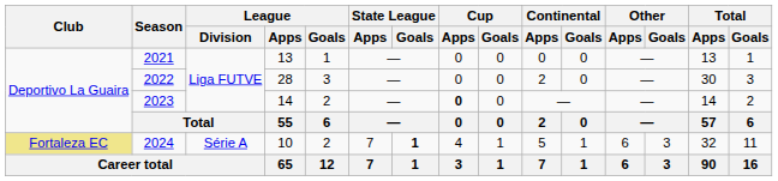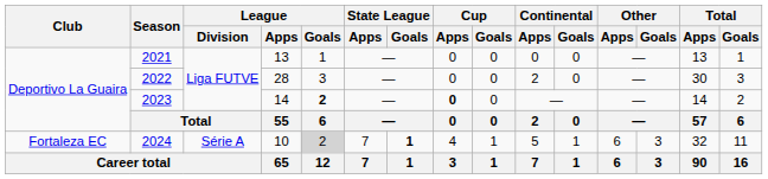 <table class="wikitable" style="text-align: center">
 <tr>
 <th rowspan="2">Club</th>
 <th rowspan="2">Season</th>
 <th colspan="3">League</th>
 <th colspan="2">State League</th>
 <th colspan="2">Cup</th>
 <th colspan="2">Continental</th>
 <th colspan="2">Other</th>
 <th colspan="2">Total</th>
 </tr>
 <tr>
 <th>Division</th>
 <th>Apps</th>
 <th>Goals</th>
 <th>Apps</th>
 <th>Goals</th>
 <th>Apps</th>
 <th>Goals</th>
 <th>Apps</th>
 <th>Goals</th>
 <th>Apps</th>
 <th>Goals</th>
 <th>Apps</th>
 <th>Goals</th>
 </tr>
 <tr>
 <td rowspan="4"><a href='#'>Deportivo La Guaira</a></td>
 <td><a href='#'>2021</a></td>
 <td rowspan="3"><a href='#'>Liga FUTVE</a></td>
 <td>13</td>
 <td>1</td>
 <td colspan="2">—</td>
 <td>0</td>
 <td>0</td>
 <td>0</td>
 <td>0</td>
 <td colspan="2">—</td>
 <td>13</td>
 <td>1</td>
 </tr>
 <tr>
 <td><a href='#'>2022</a></td>
 <td>28</td>
 <td>3</td>
 <td colspan="2">—</td>
 <td>0</td>
 <td>0</td>
 <td>2</td>
 <td>0</td>
 <td colspan="2">—</td>
 <td>30</td>
 <td>3</td>
 </tr>
 <tr>
 <td><a href='#'>2023</a></td>
 <td>14</td>
-<td>2</td>
+<td><strong>2</strong></td>
 <td colspan="2">—</td>
 <td><strong>0</strong></td>
 <td>0</td>
 <td colspan="2">—</td>
 <td colspan="2">—</td>
 <td>14</td>
 <td>2</td>
 </tr>
 <tr>
 <th colspan="2">Total</th>
 <th>55</th>
 <th>6</th>
 <th colspan="2">—</th>
 <th>0</th>
 <th>0</th>
 <th>2</th>
 <th>0</th>
 <th colspan="2">—</th>
 <th>57</th>
 <th>6</th>
 </tr>
 <tr>
-<td style="background: khaki;"><a href='#'>Fortaleza EC</a></td>
+<td><a href='#'>Fortaleza EC</a></td>
 <td><a href='#'>2024</a></td>
 <td><a href='#'>Série A</a></td>
 <td>10</td>
-<td>2</td>
+<td style="background: lightgrey;">2</td>
 <td>7</td>
 <td><strong>1</strong></td>
 <td>4</td>
 <td>1</td>
 <td>5</td>
 <td>1</td>
 <td>6</td>
 <td>3</td>
 <td>32</td>
 <td>11</td>
 </tr>
 <tr>
 <th colspan="3"><strong>Career total</strong></th>
 <th>65</th>
 <th>12</th>
 <th>7</th>
 <th>1</th>
 <th>3</th>
 <th>1</th>
 <th>7</th>
 <th>1</th>
 <th>6</th>
 <th>3</th>
 <th>90</th>
 <th>16</th>
 </tr>
 </table>
